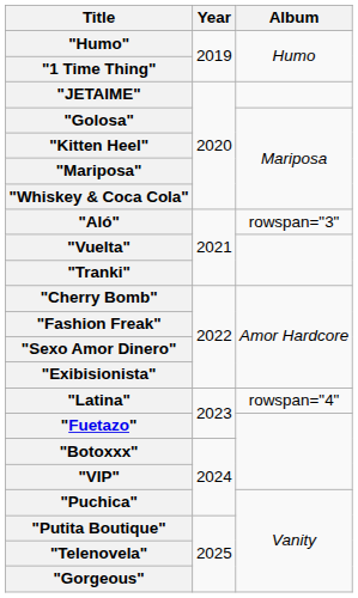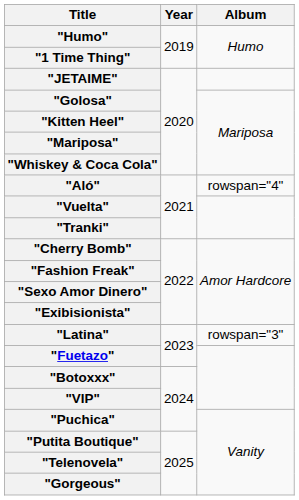 <table class="wikitable plainrowheaders" style="text-align:center">
 <tr>
 <th scope="col">Title</th>
 <th scope="col">Year</th>
 <th scope="col">Album</th>
 </tr>
 <tr>
 <th scope="row">"Humo"</th>
 <td rowspan="2">2019</td>
 <td rowspan="2"><em>Humo</em></td>
 </tr>
 <tr>
 <th scope="row">"1 Time Thing"</th>
 </tr>
 <tr>
 <th scope="row">"JETAIME"</th>
 <td rowspan="5">2020</td>
 <td></td>
 </tr>
 <tr>
 <th scope="row">"Golosa"</th>
 <td rowspan="4"><em>Mariposa</em></td>
 </tr>
 <tr>
 <th scope="row">"Kitten Heel"</th>
 </tr>
 <tr>
 <th scope="row">"Mariposa"</th>
 </tr>
 <tr>
 <th scope="row">"Whiskey & Coca Cola"</th>
 </tr>
 <tr>
 <th scope="row">"Aló"</th>
 <td rowspan="3">2021</td>
-<td>rowspan="3" </td>
+<td>rowspan="4" </td>
 </tr>
 <tr>
 <th scope="row">"Vuelta"</th>
 </tr>
 <tr>
 <th scope="row">"Tranki"</th>
 </tr>
 <tr>
 <th scope="row">"Cherry Bomb"</th>
 <td rowspan="4">2022</td>
 <td rowspan="4"><em>Amor Hardcore</em></td>
 </tr>
 <tr>
 <th scope="row">"Fashion Freak"</th>
 </tr>
 <tr>
 <th scope="row">"Sexo Amor Dinero"</th>
 </tr>
 <tr>
 <th scope="row">"Exibisionista"</th>
 </tr>
 <tr>
 <th scope="row">"Latina"</th>
 <td rowspan="2">2023</td>
-<td>rowspan="4" </td>
+<td>rowspan="3" </td>
 </tr>
 <tr>
 <th scope="row">"<a href='#'>Fuetazo</a>"<br></th>
 </tr>
 <tr>
 <th scope="row">"Botoxxx"</th>
 <td rowspan="3">2024</td>
 </tr>
 <tr>
 <th scope="row">"VIP"</th>
 </tr>
 <tr>
 <th scope="row">"Puchica"</th>
 <td rowspan="4"><em>Vanity</em></td>
 </tr>
 <tr>
 <th scope="row">"Putita Boutique"<br></th>
 <td rowspan="3">2025</td>
 </tr>
 <tr>
 <th scope="row">"Telenovela"</th>
 </tr>
 <tr>
 <th scope="row">"Gorgeous"</th>
 </tr>
 </table>
